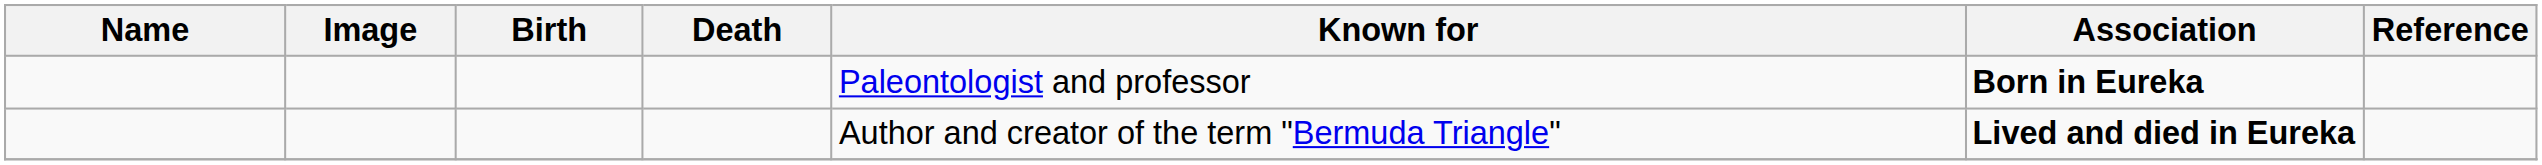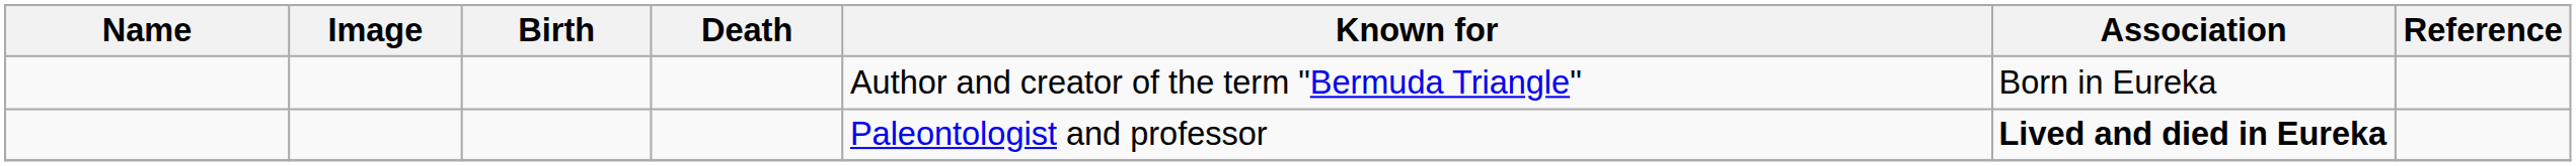 <table class="wikitable sortable">
 <tr>
 <th scope="col" width="140">Name</th>
 <th scope="col" width="80" class="unsortable">Image</th>
 <th scope="col" width="90">Birth</th>
 <th scope="col" width="90">Death</th>
 <th scope="col" width="600" class="unsortable">Known for</th>
 <th scope="col" width="200" class="unsortable">Association</th>
 <th scope="col" width="30" class="unsortable">Reference</th>
 </tr>
 <tr>
 <td></td>
 <td></td>
 <td align=right></td>
 <td align=right></td>
-<td><a href='#'>Paleontologist</a> and professor</td>
-<td><strong>Born in Eureka</strong></td>
+<td>Author and creator of the term "<a href='#'>Bermuda Triangle</a>"</td>
+<td>Born in Eureka</td>
 <td align="center"></td>
 </tr>
 <tr>
 <td></td>
 <td></td>
 <td align=right></td>
 <td align=right></td>
-<td>Author and creator of the term "<a href='#'>Bermuda Triangle</a>"</td>
+<td><a href='#'>Paleontologist</a> and professor</td>
 <td><strong>Lived and died in Eureka</strong></td>
 <td align="center"></td>
 </tr>
 <tr>
 </tr>
 </table>
